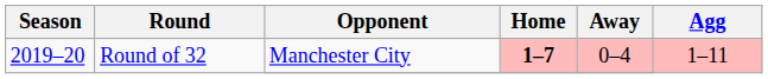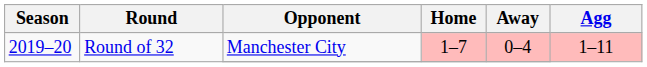 <table class="wikitable">
 <tr>
 <th width="60">Season</th>
 <th width="120">Round</th>
 <th width="170">Opponent</th>
 <th width="50">Home</th>
 <th width="50">Away</th>
 <th width="75"><a href='#'>Agg</a></th>
 </tr>
 <tr>
 <td rowspan=3><a href='#'>2019–20</a></td>
 <td rowspan="3"><a href='#'>Round of 32</a></td>
 <td> <a href='#'>Manchester City</a></td>
-<td bgcolor="#ffbbbb" style="text-align:center;"><strong>1–7</strong></td>
+<td bgcolor="#ffbbbb" style="text-align:center;">1–7</td>
 <td bgcolor="#ffbbbb" style="text-align:center;">0–4</td>
 <td bgcolor="#ffbbbb" style="text-align:center;" rowspan="3">1–11</td>
 </tr>
 <tr>
 </tr>
 </table>
